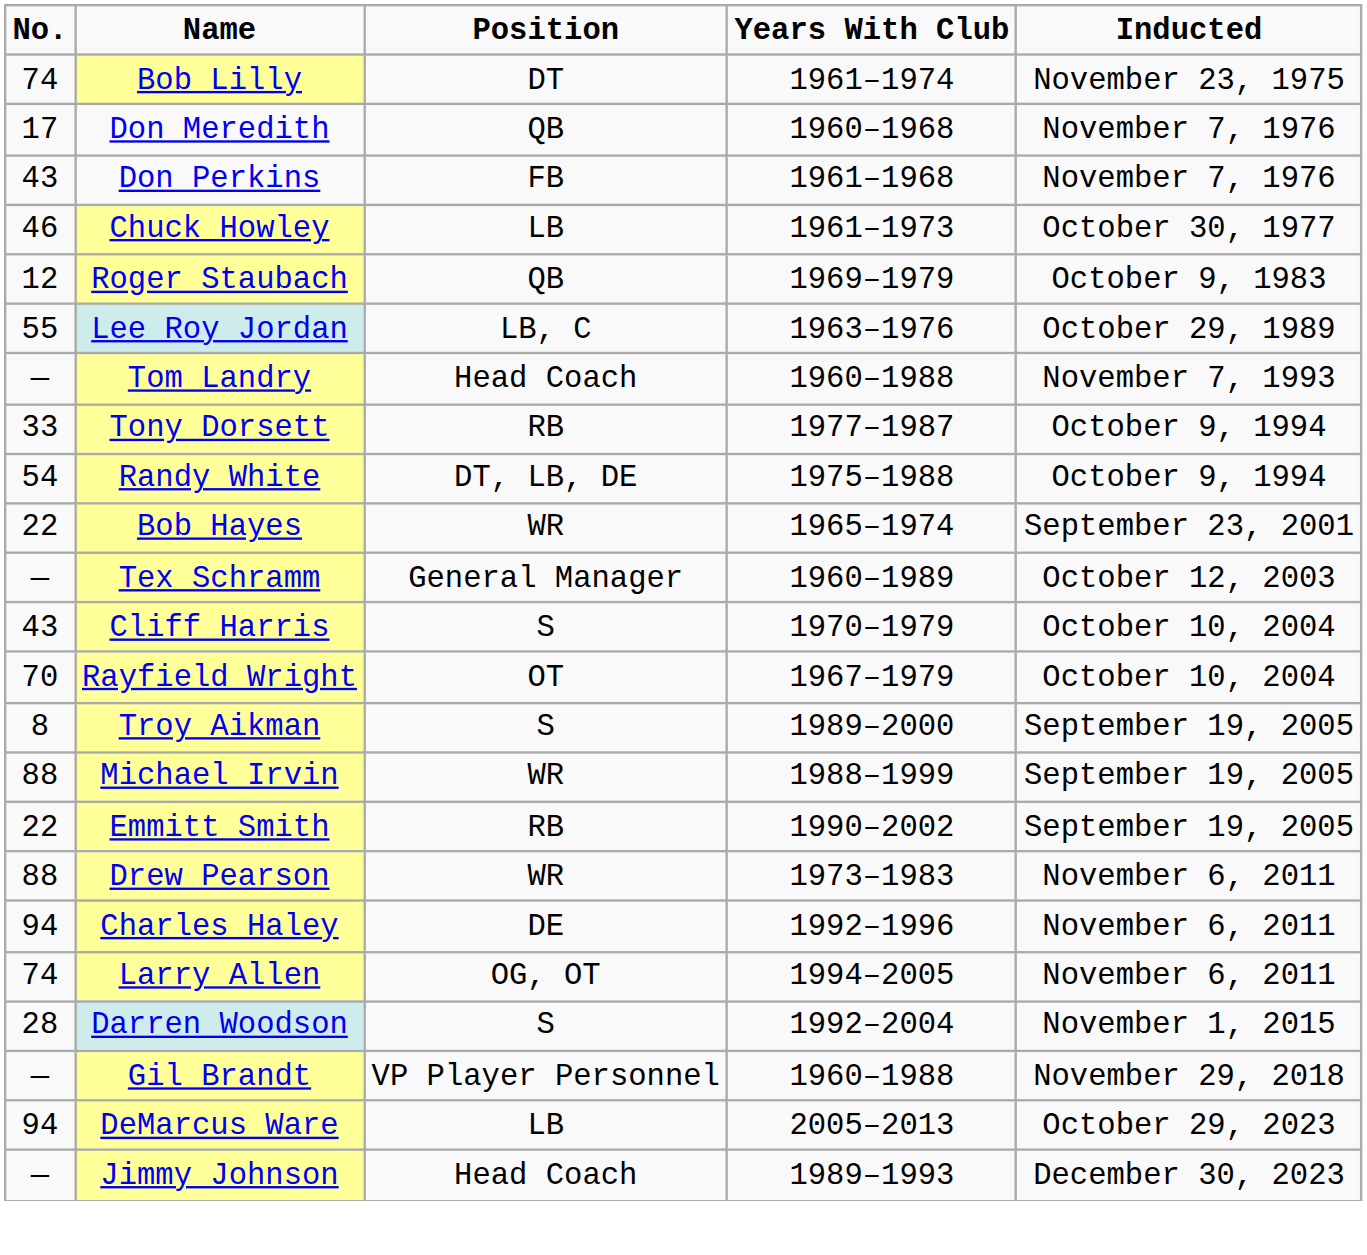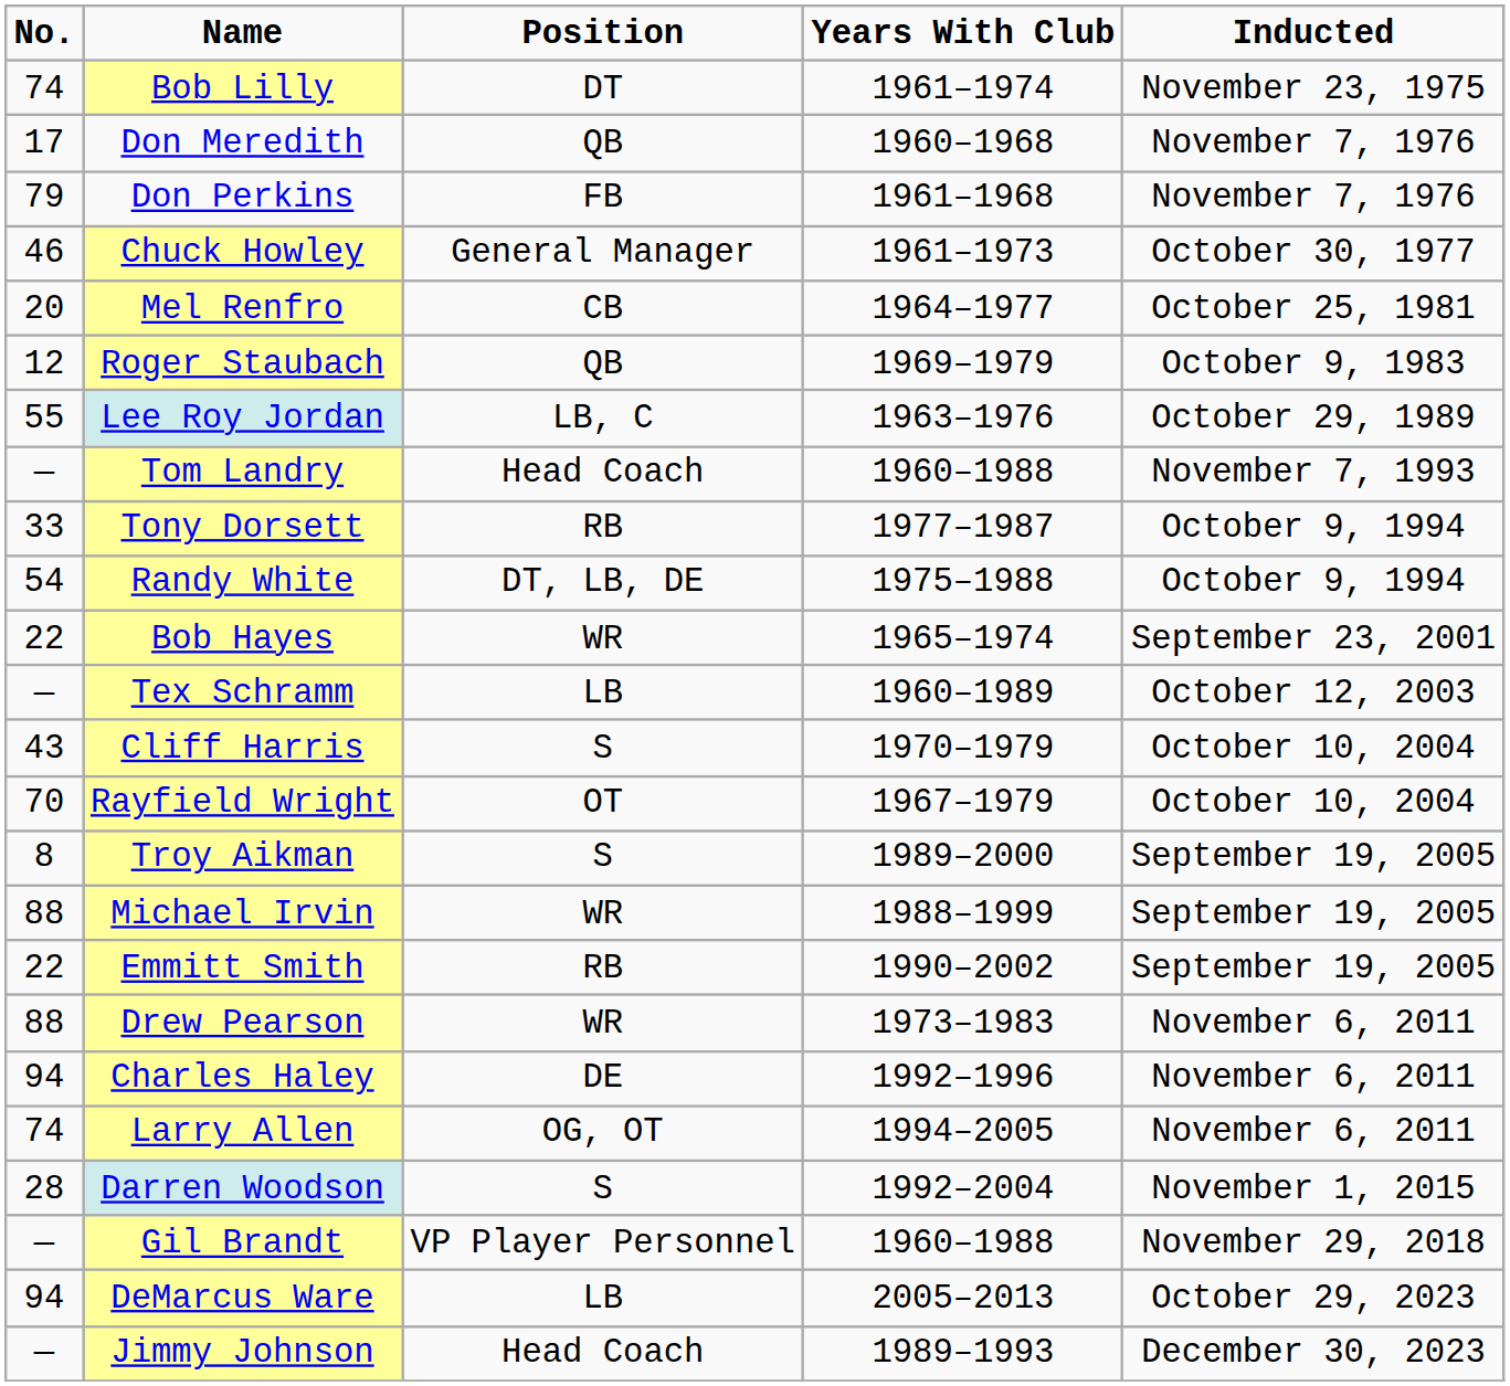 <table class="wikitable" style="text-align:center">
 <tr>
 <td><strong>No.</strong></td>
 <td><strong>Name</strong></td>
 <td><strong>Position </strong></td>
 <td><strong>Years With Club</strong></td>
 <td><strong>Inducted</strong></td>
 </tr>
 <tr>
 <td>74</td>
 <td style="background:#ff9"><a href='#'>Bob Lilly</a></td>
 <td>DT</td>
 <td>1961–1974</td>
 <td>November 23, 1975</td>
 </tr>
 <tr>
 <td>17</td>
 <td><a href='#'>Don Meredith</a></td>
 <td>QB</td>
 <td>1960–1968</td>
 <td>November 7, 1976</td>
 </tr>
 <tr>
-<td>43</td>
+<td>79</td>
 <td><a href='#'>Don Perkins</a></td>
 <td>FB</td>
 <td>1961–1968</td>
 <td>November 7, 1976</td>
 </tr>
 <tr>
 <td>46</td>
 <td style="background:#ff9"><a href='#'>Chuck Howley</a></td>
-<td>LB</td>
+<td>General Manager</td>
 <td>1961–1973</td>
 <td>October 30, 1977</td>
+</tr>
+<tr>
+<td>20</td>
+<td style="background:#ff9"><a href='#'>Mel Renfro</a></td>
+<td>CB</td>
+<td>1964–1977</td>
+<td>October 25, 1981</td>
 </tr>
 <tr>
 <td>12</td>
 <td style="background:#ff9"><a href='#'>Roger Staubach</a></td>
 <td>QB</td>
 <td>1969–1979</td>
 <td>October 9, 1983</td>
 </tr>
 <tr>
 <td>55</td>
 <td style="background:#cfecec"><a href='#'>Lee Roy Jordan</a></td>
 <td>LB, C</td>
 <td>1963–1976</td>
 <td>October 29, 1989</td>
 </tr>
 <tr>
 <td>—</td>
 <td style="background:#ff9"><a href='#'>Tom Landry</a></td>
 <td>Head Coach</td>
 <td>1960–1988</td>
 <td>November 7, 1993</td>
 </tr>
 <tr>
 <td>33</td>
 <td style="background:#ff9"><a href='#'>Tony Dorsett</a></td>
 <td>RB</td>
 <td>1977–1987</td>
 <td>October 9, 1994</td>
 </tr>
 <tr>
 <td>54</td>
 <td style="background:#ff9"><a href='#'>Randy White</a></td>
 <td>DT, LB, DE</td>
 <td>1975–1988</td>
 <td>October 9, 1994</td>
 </tr>
 <tr>
 <td>22</td>
 <td style="background:#ff9"><a href='#'>Bob Hayes</a></td>
 <td>WR</td>
 <td>1965–1974</td>
 <td>September 23, 2001</td>
 </tr>
 <tr>
 <td>—</td>
 <td style="background:#ff9"><a href='#'>Tex Schramm</a></td>
-<td>General Manager</td>
+<td>LB</td>
 <td>1960–1989</td>
 <td>October 12, 2003</td>
 </tr>
 <tr>
 <td>43</td>
 <td style="background:#ff9"><a href='#'>Cliff Harris</a></td>
 <td>S</td>
 <td>1970–1979</td>
 <td>October 10, 2004</td>
 </tr>
 <tr>
 <td>70</td>
 <td style="background:#ff9"><a href='#'>Rayfield Wright</a></td>
 <td>OT</td>
 <td>1967–1979</td>
 <td>October 10, 2004</td>
 </tr>
 <tr>
 <td>8</td>
 <td style="background:#ff9"><a href='#'>Troy Aikman</a></td>
 <td>S</td>
 <td>1989–2000</td>
 <td>September 19, 2005</td>
 </tr>
 <tr>
 <td>88</td>
 <td style="background:#ff9"><a href='#'>Michael Irvin</a></td>
 <td>WR</td>
 <td>1988–1999</td>
 <td>September 19, 2005</td>
 </tr>
 <tr>
 <td>22</td>
 <td style="background:#ff9"><a href='#'>Emmitt Smith</a></td>
 <td>RB</td>
 <td>1990–2002</td>
 <td>September 19, 2005</td>
 </tr>
 <tr>
 <td>88</td>
 <td style="background:#ff9"><a href='#'>Drew Pearson</a></td>
 <td>WR</td>
 <td>1973–1983</td>
 <td>November 6, 2011</td>
 </tr>
 <tr>
 <td>94</td>
 <td style="background:#ff9"><a href='#'>Charles Haley</a></td>
 <td>DE</td>
 <td>1992–1996</td>
 <td>November 6, 2011</td>
 </tr>
 <tr>
 <td>74</td>
 <td style="background:#ff9"><a href='#'>Larry Allen</a></td>
 <td>OG, OT</td>
 <td>1994–2005</td>
 <td>November 6, 2011</td>
 </tr>
 <tr>
 <td>28</td>
 <td style="background:#cfecec"><a href='#'>Darren Woodson</a></td>
 <td>S</td>
 <td>1992–2004</td>
 <td>November 1, 2015</td>
 </tr>
 <tr>
 <td>—</td>
 <td style="background:#ff9"><a href='#'>Gil Brandt</a></td>
 <td>VP Player Personnel</td>
 <td>1960–1988</td>
 <td>November 29, 2018</td>
 </tr>
 <tr>
 <td>94</td>
 <td style="background:#ff9"><a href='#'>DeMarcus Ware</a></td>
 <td>LB</td>
 <td>2005–2013</td>
 <td>October 29, 2023</td>
 </tr>
 <tr>
 <td>—</td>
 <td style="background:#ff9"><a href='#'>Jimmy Johnson</a></td>
 <td>Head Coach</td>
 <td>1989–1993</td>
 <td>December 30, 2023</td>
 </tr>
 <tr>
 </tr>
 </table>
